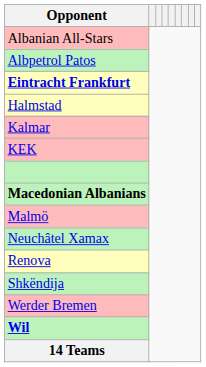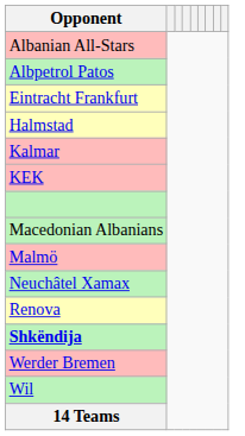 <table class="sortable wikitable plainrowheaders" style="text-align:center">
 <tr>
 <th>Opponent</th>
 <th></th>
 <th></th>
 <th></th>
 <th></th>
 <th></th>
 <th></th>
 <th></th>
 <th></th>
 </tr>
 <tr bgcolor="#FFBBBB">
 <td style="text-align:left;"> Albanian All-Stars<br></td>
 </tr>
 <tr bgcolor="#BBF3BB">
 <td style="text-align:left;"> <a href='#'>Albpetrol Patos</a><br></td>
 </tr>
 <tr bgcolor="#FFFFBB">
-<td style="text-align:left;"><strong> <a href='#'>Eintracht Frankfurt</a><br></strong></td>
+<td style="text-align:left;"> <a href='#'>Eintracht Frankfurt</a><br></td>
 </tr>
 <tr bgcolor="#FFFFBB">
 <td style="text-align:left;"> <a href='#'>Halmstad</a><br></td>
 </tr>
 <tr bgcolor="#FFBBBB">
 <td style="text-align:left;"> <a href='#'>Kalmar</a><br></td>
 </tr>
 <tr bgcolor="#FFBBBB">
 <td style="text-align:left;"> <a href='#'>KEK</a><br></td>
 </tr>
 <tr bgcolor="#BBF3BB">
 <td style="text-align:left;"><br></td>
 </tr>
 <tr bgcolor="#BBF3BB">
-<td style="text-align:left;"><strong> Macedonian Albanians<br></strong></td>
+<td style="text-align:left;"> Macedonian Albanians<br></td>
 </tr>
 <tr bgcolor="#FFBBBB">
 <td style="text-align:left;"> <a href='#'>Malmö</a><br></td>
 </tr>
 <tr bgcolor="#BBF3BB">
 <td style="text-align:left;"> <a href='#'>Neuchâtel Xamax</a><br></td>
 </tr>
 <tr bgcolor="#FFFFBB">
 <td style="text-align:left;"> <a href='#'>Renova</a><br></td>
 </tr>
 <tr bgcolor="#BBF3BB">
-<td style="text-align:left;"> <a href='#'>Shkëndija</a><br></td>
+<td style="text-align:left;"><strong> <a href='#'>Shkëndija</a><br></strong></td>
 </tr>
 <tr bgcolor="#FFBBBB">
 <td style="text-align:left;"> <a href='#'>Werder Bremen</a><br></td>
 </tr>
 <tr bgcolor="#BBF3BB">
-<td style="text-align:left;"><strong> <a href='#'>Wil</a><br></strong></td>
+<td style="text-align:left;"> <a href='#'>Wil</a><br></td>
 </tr>
 <tr class="sortbottom">
 <th>14 Teams<br></th>
 </tr>
 </table>
